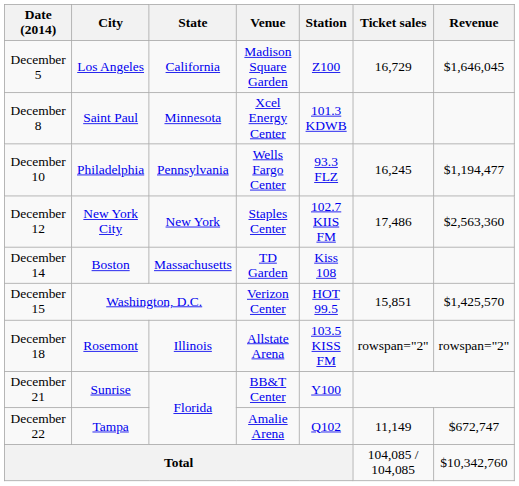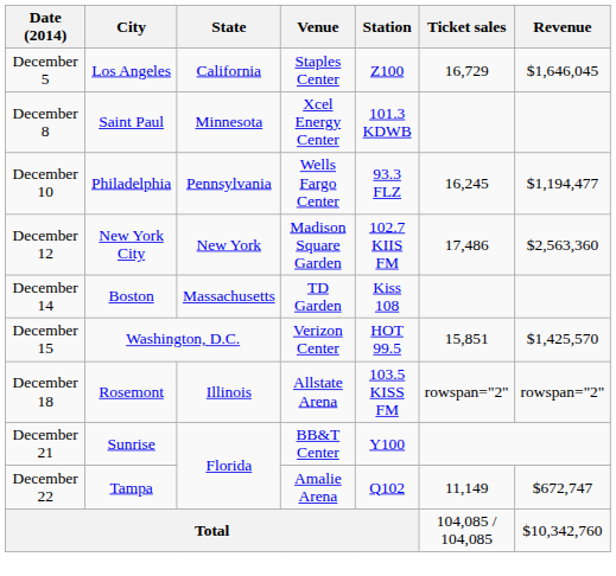 <table class="wikitable" style="text-align:center;">
 <tr>
 <th scope="col" style="width:12em;">Date (2014)</th>
 <th scope="col" style="width:10em;">City</th>
 <th scope="col" style="width:10em;">State</th>
 <th scope="col" style="width:16em;">Venue</th>
 <th scope="col" style="width:11em;">Station</th>
 <th scope="col" style="width:10em;">Ticket sales</th>
 <th scope="col" style="width:10em;">Revenue</th>
 </tr>
 <tr>
 <td>December 5</td>
 <td><a href='#'>Los Angeles</a></td>
 <td><a href='#'>California</a></td>
-<td><a href='#'>Madison Square Garden</a></td>
+<td><a href='#'>Staples Center</a></td>
 <td><a href='#'>Z100</a></td>
 <td>16,729</td>
 <td>$1,646,045</td>
 </tr>
 <tr>
 <td>December 8</td>
 <td><a href='#'>Saint Paul</a></td>
 <td><a href='#'>Minnesota</a></td>
 <td><a href='#'>Xcel Energy Center</a></td>
 <td><a href='#'>101.3 KDWB</a></td>
 <td></td>
 <td></td>
 </tr>
 <tr>
 <td>December 10</td>
 <td><a href='#'>Philadelphia</a></td>
 <td><a href='#'>Pennsylvania</a></td>
 <td><a href='#'>Wells Fargo Center</a></td>
 <td><a href='#'>93.3 FLZ</a></td>
 <td>16,245</td>
 <td>$1,194,477</td>
 </tr>
 <tr>
 <td>December 12</td>
 <td><a href='#'>New York City</a></td>
 <td><a href='#'>New York</a></td>
-<td><a href='#'>Staples Center</a></td>
+<td><a href='#'>Madison Square Garden</a></td>
 <td><a href='#'>102.7 KIIS FM</a></td>
 <td>17,486</td>
 <td>$2,563,360</td>
 </tr>
 <tr>
 <td>December 14</td>
 <td><a href='#'>Boston</a></td>
 <td><a href='#'>Massachusetts</a></td>
 <td><a href='#'>TD Garden</a></td>
 <td><a href='#'>Kiss 108</a></td>
 <td></td>
 <td></td>
 </tr>
 <tr>
 <td>December 15</td>
 <td colspan="2"><a href='#'>Washington, D.C.</a></td>
 <td><a href='#'>Verizon Center</a></td>
 <td><a href='#'>HOT 99.5</a></td>
 <td>15,851</td>
 <td>$1,425,570</td>
 </tr>
 <tr>
 <td>December 18</td>
 <td><a href='#'>Rosemont</a></td>
 <td><a href='#'>Illinois</a></td>
 <td><a href='#'>Allstate Arena</a></td>
 <td><a href='#'>103.5 KISS FM</a></td>
 <td>rowspan="2" </td>
 <td>rowspan="2" </td>
 </tr>
 <tr>
 <td>December 21</td>
 <td><a href='#'>Sunrise</a></td>
 <td rowspan="2"><a href='#'>Florida</a></td>
 <td><a href='#'>BB&T Center</a></td>
 <td><a href='#'>Y100</a></td>
 </tr>
 <tr>
 <td>December 22</td>
 <td><a href='#'>Tampa</a></td>
 <td><a href='#'>Amalie Arena</a></td>
 <td><a href='#'>Q102</a></td>
 <td>11,149</td>
 <td>$672,747</td>
 </tr>
 <tr>
 <th colspan="5">Total</th>
 <td>104,085 / 104,085</td>
 <td>$10,342,760</td>
 </tr>
 </table>
